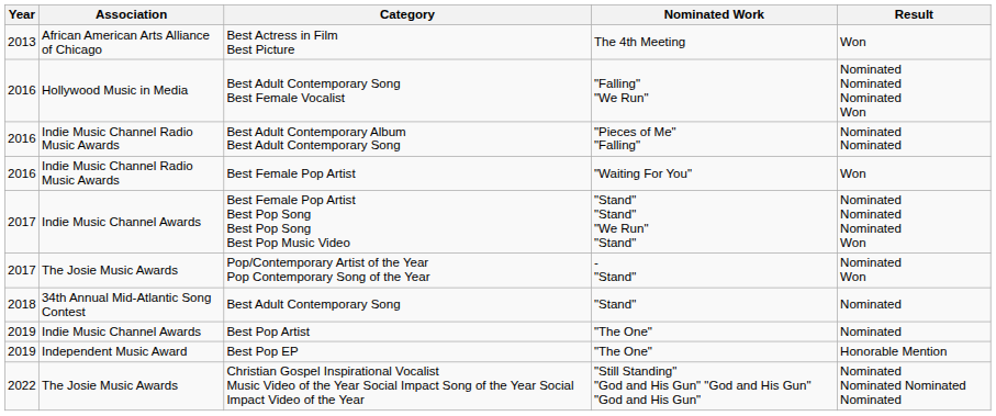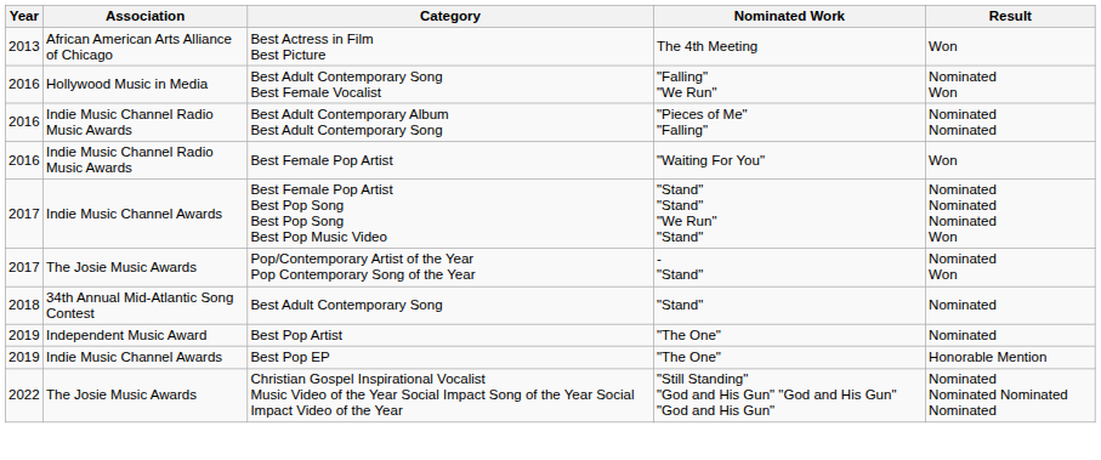 <table class="wikitable">
 <tr>
 <th>Year</th>
 <th>Association</th>
 <th>Category</th>
 <th>Nominated Work</th>
 <th>Result</th>
 </tr>
 <tr>
 <td>2013</td>
 <td>African American Arts Alliance of Chicago</td>
 <td>Best Actress in Film<br>Best Picture</td>
 <td>The 4th Meeting</td>
 <td>Won</td>
 </tr>
 <tr>
 <td>2016</td>
 <td>Hollywood Music in Media</td>
 <td>Best Adult Contemporary Song<br>Best Female Vocalist</td>
 <td>"Falling"<br>"We Run"</td>
-<td>Nominated<br>Nominated<br>Nominated<br>Won</td>
+<td>Nominated<br>Won</td>
 </tr>
 <tr>
 <td>2016</td>
 <td>Indie Music Channel Radio Music Awards</td>
 <td>Best Adult Contemporary Album<br>Best Adult Contemporary Song</td>
 <td>"Pieces of Me"<br>"Falling"</td>
 <td>Nominated<br>Nominated</td>
 </tr>
 <tr>
 <td>2016</td>
 <td>Indie Music Channel Radio Music Awards</td>
 <td>Best Female Pop Artist</td>
 <td>"Waiting For You"</td>
 <td>Won</td>
 </tr>
 <tr>
 <td>2017</td>
 <td>Indie Music Channel Awards</td>
 <td>Best Female Pop Artist<br>Best Pop Song<br>Best Pop Song<br>Best Pop Music Video</td>
 <td>"Stand"<br>"Stand"<br>"We Run"<br>"Stand"</td>
 <td>Nominated<br>Nominated<br>Nominated<br>Won</td>
 </tr>
 <tr>
 <td>2017</td>
 <td>The Josie Music Awards</td>
 <td>Pop/Contemporary Artist of the Year<br>Pop Contemporary Song of the Year</td>
 <td>-<br>"Stand"</td>
 <td>Nominated<br>Won</td>
 </tr>
 <tr>
 <td>2018</td>
 <td>34th Annual Mid-Atlantic Song Contest</td>
 <td>Best Adult Contemporary Song</td>
 <td>"Stand"</td>
 <td>Nominated</td>
 </tr>
 <tr>
 <td>2019</td>
-<td>Indie Music Channel Awards</td>
+<td>Independent Music Award</td>
 <td>Best Pop Artist</td>
 <td>"The One"</td>
 <td>Nominated</td>
 </tr>
 <tr>
 <td>2019</td>
-<td>Independent Music Award</td>
+<td>Indie Music Channel Awards</td>
 <td>Best Pop EP</td>
 <td>"The One"</td>
 <td>Honorable Mention</td>
 </tr>
 <tr>
 <td>2022</td>
 <td>The Josie Music Awards</td>
 <td>Christian Gospel Inspirational Vocalist<br>Music Video of the Year Social Impact Song of the Year Social Impact Video of the Year</td>
 <td>"Still Standing"<br>"God and His Gun" "God and His Gun" "God and His Gun"</td>
 <td>Nominated<br>Nominated Nominated Nominated</td>
 </tr>
 </table>
